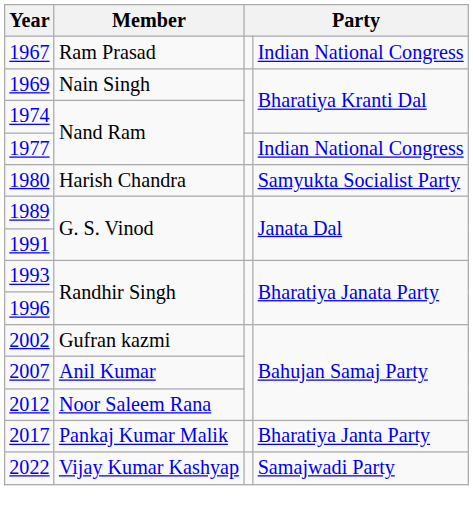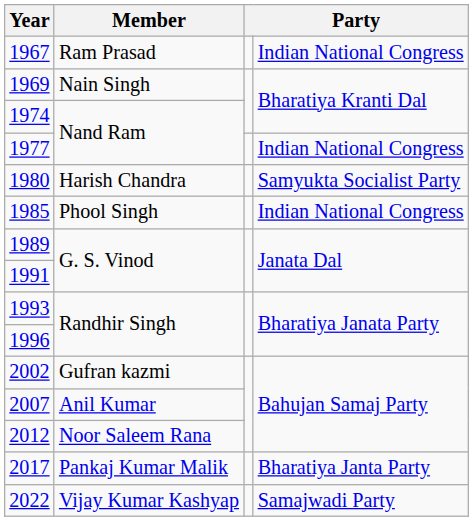 <table class="wikitable">
 <tr>
 <th>Year</th>
 <th>Member</th>
 <th colspan="2">Party</th>
 </tr>
 <tr>
 <td><a href='#'>1967</a></td>
 <td>Ram Prasad</td>
 <td style="background-color: "></td>
 <td><a href='#'>Indian National Congress</a></td>
 </tr>
 <tr>
 <td><a href='#'>1969</a></td>
 <td>Nain Singh</td>
 <td rowspan="2" style="background-color: "></td>
 <td rowspan="2"><a href='#'>Bharatiya Kranti Dal</a></td>
 </tr>
 <tr>
 <td><a href='#'>1974</a></td>
 <td rowspan="2">Nand Ram</td>
 </tr>
 <tr>
 <td><a href='#'>1977</a></td>
 <td style="background-color: "></td>
 <td><a href='#'>Indian National Congress</a></td>
 </tr>
 <tr>
 <td><a href='#'>1980</a></td>
 <td>Harish Chandra</td>
 <td style="background-color: "></td>
 <td><a href='#'>Samyukta Socialist Party</a></td>
+</tr>
+<tr>
+<td><a href='#'>1985</a></td>
+<td>Phool Singh</td>
+<td style="background-color: "></td>
+<td><a href='#'>Indian National Congress</a></td>
 </tr>
 <tr>
 <td><a href='#'>1989</a></td>
 <td rowspan="2">G. S. Vinod</td>
 <td rowspan="2" style="background-color: "></td>
 <td rowspan="2"><a href='#'>Janata Dal</a></td>
 </tr>
 <tr>
 <td><a href='#'>1991</a></td>
 </tr>
 <tr>
 <td><a href='#'>1993</a></td>
 <td rowspan="2">Randhir Singh</td>
 <td rowspan="2" style="background-color: "></td>
 <td rowspan="2"><a href='#'>Bharatiya Janata Party</a></td>
 </tr>
 <tr>
 <td><a href='#'>1996</a></td>
 </tr>
 <tr>
 <td><a href='#'>2002</a></td>
 <td>Gufran kazmi</td>
 <td rowspan="3" style="background-color: "></td>
 <td rowspan="3"><a href='#'>Bahujan Samaj Party</a></td>
 </tr>
 <tr>
 <td><a href='#'>2007</a></td>
 <td><a href='#'>Anil Kumar</a></td>
 </tr>
 <tr>
 <td><a href='#'>2012</a></td>
 <td><a href='#'>Noor Saleem Rana</a></td>
 </tr>
 <tr>
 <td><a href='#'>2017</a></td>
 <td><a href='#'>Pankaj Kumar Malik</a></td>
 <td style="background-color: "></td>
 <td><a href='#'>Bharatiya Janta Party</a></td>
 </tr>
 <tr>
 <td><a href='#'>2022</a></td>
 <td><a href='#'>Vijay Kumar Kashyap</a></td>
 <td style="background-color: "></td>
 <td><a href='#'>Samajwadi Party</a></td>
 </tr>
 </table>
